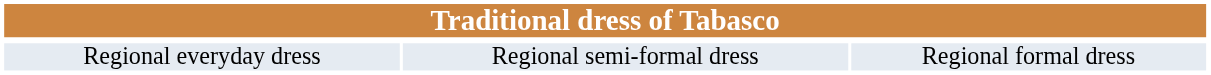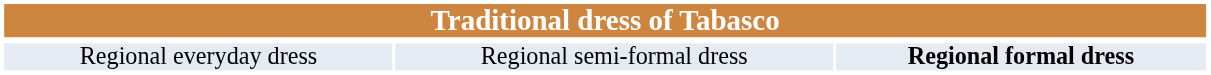 <table class="toc" cellpadding=0 cellspacing=2 width=800px style="float:center; margin: 0.5em 0.5em 0.5em 1em; padding: 0.5e">
 <tr>
 <td colspan=5 style="background:Peru; color:white; font-size:120%" align=center><strong>Traditional dress of Tabasco</strong></td>
 </tr>
 <tr>
 <td align=center valign=center bgcolor="#f9f9f9"></td>
 <td align=center valign=center bgcolor="#f9f9f9"></td>
 <td align=center valign=center bgcolor="#f9f9f9"></td>
 </tr>
 <tr>
 <td style="background:#e5ebf2;" align=center>Regional everyday dress</td>
 <td style="background:#e5ebf2;" align=center>Regional semi-formal dress</td>
-<td style="background:#e5ebf2;" align=center>Regional formal dress</td>
+<td style="background:#e5ebf2;" align=center><strong>Regional formal dress</strong></td>
 </tr>
 <tr>
 </tr>
 </table>
